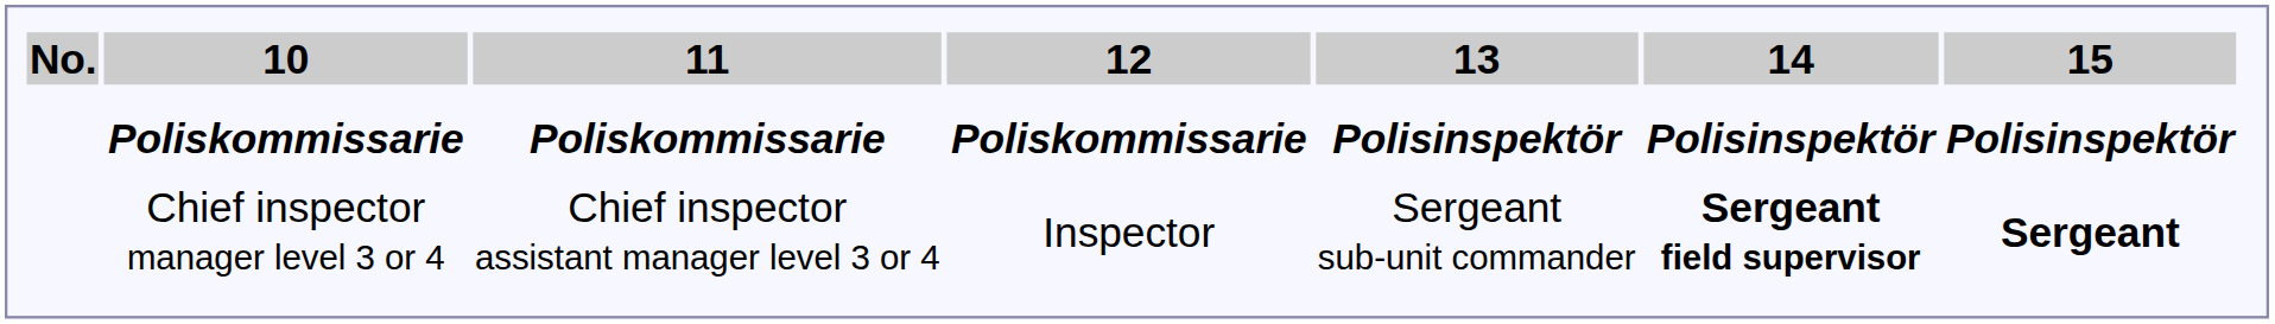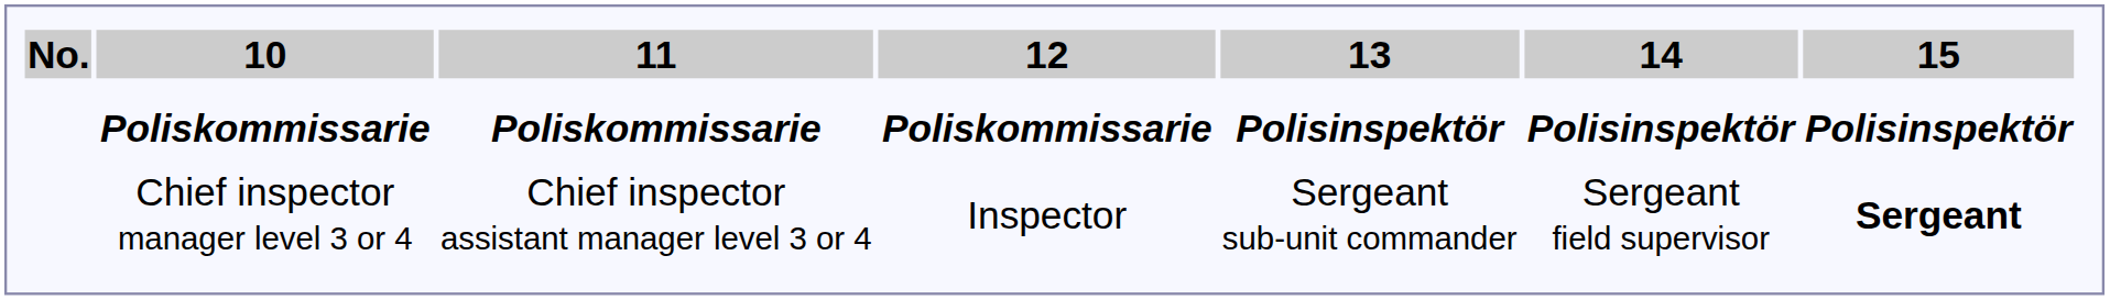 <table style="border:1px solid #8888aa; background-color:#f7f8ff; padding:5px; font-size:95%; margin: 0px 12px 12px 0px;">
 <tr>
 </tr>
 <tr bgcolor="#CCCCCC">
 <th><strong>No.</strong></th>
 <th>10</th>
 <th>11</th>
 <th>12</th>
 <th>13</th>
 <th>14</th>
 <th>15</th>
 </tr>
 <tr>
 <td align="center" rowspan=2></td>
 </tr>
 <tr align="center">
 <td></td>
 <td></td>
 <td></td>
 <td></td>
 <td></td>
 <td></td>
 <td></td>
 </tr>
 <tr rowspan="2">
 </tr>
 <tr align="center">
 <td></td>
 <td><strong><em>Poliskommissarie</em></strong></td>
 <td><strong><em>Poliskommissarie</em></strong></td>
 <td><strong><em>Poliskommissarie</em></strong></td>
 <td><strong><em>Polisinspektör</em></strong></td>
 <td><strong><em>Polisinspektör</em></strong></td>
 <td><strong><em>Polisinspektör</em></strong></td>
 <td></td>
 </tr>
 <tr>
 </tr>
 <tr rowspan="2">
 </tr>
 <tr align="center">
 <td></td>
 <td>Chief inspector<br><small>manager level 3 or 4</small></td>
 <td>Chief inspector<br> <small>assistant manager level 3 or 4</small></td>
 <td>Inspector <small></small></td>
 <td>Sergeant <br><small>sub-unit commander</small></td>
-<td><strong>Sergeant<br> <small>field supervisor</small></strong></td>
+<td>Sergeant<br> <small>field supervisor</small></td>
 <td><strong>Sergeant<br> <small></small></strong></td>
 <td></td>
 </tr>
 <tr>
 <td colspan=10></td>
 </tr>
 <tr>
 </tr>
 </table>
